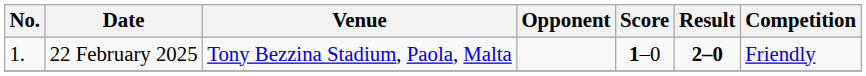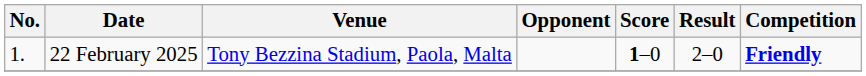 <table class="wikitable">
 <tr>
 <th>No.</th>
 <th>Date</th>
 <th>Venue</th>
 <th>Opponent</th>
 <th>Score</th>
 <th>Result</th>
 <th>Competition</th>
 </tr>
 <tr>
 <td>1.</td>
 <td>22 February 2025</td>
 <td><a href='#'>Tony Bezzina Stadium</a>, <a href='#'>Paola</a>, <a href='#'>Malta</a></td>
 <td></td>
 <td align=center><strong>1</strong>–0</td>
-<td align=center><strong>2–0</strong></td>
-<td><a href='#'>Friendly</a></td>
+<td align=center>2–0</td>
+<td><strong><a href='#'>Friendly</a></strong></td>
 </tr>
 <tr>
 </tr>
 </table>
